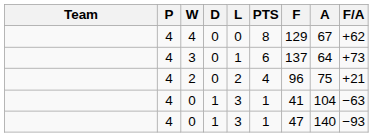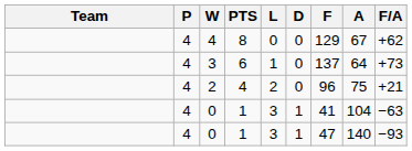 <table class=wikitable style="text-align:center">
 <tr>
 <th width=175>Team</th>
 <th width=20>P</th>
 <th width=20>W</th>
+<th width=20>PTS</th>
+<th width=20>L</th>
 <th width=20>D</th>
-<th width=20>L</th>
-<th width=20>PTS</th>
 <th width=20>F</th>
 <th width=20>A</th>
 <th width=20>F/A</th>
 </tr>
 <tr>
 <td style="text-align:left;"></td>
 <td>4</td>
 <td>4</td>
+<td>8</td>
 <td>0</td>
 <td>0</td>
-<td>8</td>
 <td>129</td>
 <td>67</td>
 <td>+62</td>
 </tr>
 <tr>
 <td style="text-align:left;"></td>
 <td>4</td>
 <td>3</td>
+<td>6</td>
+<td>1</td>
 <td>0</td>
-<td>1</td>
-<td>6</td>
 <td>137</td>
 <td>64</td>
 <td>+73</td>
 </tr>
 <tr>
 <td style="text-align:left;"> </td>
 <td>4</td>
 <td>2</td>
+<td>4</td>
+<td>2</td>
 <td>0</td>
-<td>2</td>
-<td>4</td>
 <td>96</td>
 <td>75</td>
 <td>+21</td>
 </tr>
 <tr>
 <td style="text-align:left;"></td>
 <td>4</td>
 <td>0</td>
 <td>1</td>
 <td>3</td>
 <td>1</td>
 <td>41</td>
 <td>104</td>
 <td>−63</td>
 </tr>
 <tr>
 <td style="text-align:left;"> </td>
 <td>4</td>
 <td>0</td>
 <td>1</td>
 <td>3</td>
 <td>1</td>
 <td>47</td>
 <td>140</td>
 <td>−93</td>
 </tr>
 </table>
